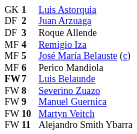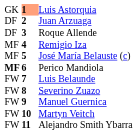 <table style="font-size:90%; margin:0.2em auto;" cellspacing="0" cellpadding="0">
 <tr>
 <th width="25"></th>
 <th width="25"></th>
 </tr>
 <tr>
 <td>GK</td>
-<td><strong>1</strong></td>
+<td style="background: lightsalmon;"><strong>1</strong></td>
 <td> <a href='#'>Luis Astorquia</a></td>
 </tr>
 <tr>
 <td>DF</td>
 <td><strong>2</strong></td>
 <td> <a href='#'>Juan Arzuaga</a></td>
 </tr>
 <tr>
 <td>DF</td>
 <td><strong>3</strong></td>
 <td> Roque Allende</td>
 </tr>
 <tr>
 <td>MF</td>
 <td><strong>4</strong></td>
 <td> <a href='#'>Remigio Iza</a></td>
 </tr>
 <tr>
 <td>MF</td>
 <td><strong>5</strong></td>
 <td> <a href='#'>José María Belauste</a> (<a href='#'>c</a>)</td>
 </tr>
 <tr>
-<td>MF</td>
+<td><strong>MF</strong></td>
 <td><strong>6</strong></td>
 <td> Perico Mandiola</td>
 </tr>
 <tr>
-<td><strong>FW</strong></td>
+<td>FW</td>
 <td><strong>7</strong></td>
 <td> <a href='#'>Luis Belaunde</a></td>
 </tr>
 <tr>
 <td>FW</td>
 <td><strong>8</strong></td>
 <td> <a href='#'>Severino Zuazo</a></td>
 </tr>
 <tr>
 <td>FW</td>
 <td><strong>9</strong></td>
 <td> <a href='#'>Manuel Guernica</a></td>
 </tr>
 <tr>
 <td>FW</td>
 <td><strong>10</strong></td>
 <td> <a href='#'>Martyn Veitch</a></td>
 </tr>
 <tr>
 <td>FW</td>
 <td><strong>11</strong></td>
 <td> Alejandro Smith Ybarra</td>
 </tr>
 <tr>
 </tr>
 </table>
